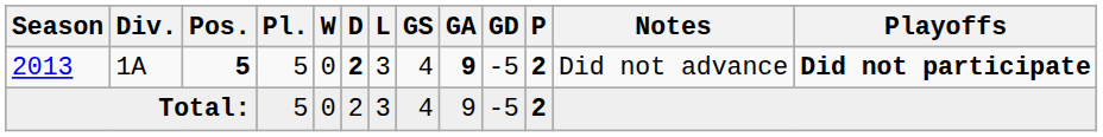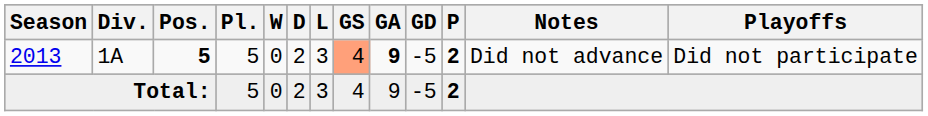 <table class="wikitable">
 <tr style="background:#efefef;">
 <th>Season</th>
 <th>Div.</th>
 <th>Pos.</th>
 <th>Pl.</th>
 <th>W</th>
 <th>D</th>
 <th>L</th>
 <th>GS</th>
 <th>GA</th>
 <th>GD</th>
 <th>P</th>
 <th>Notes</th>
 <th>Playoffs</th>
 </tr>
 <tr>
 <td><a href='#'>2013</a></td>
 <td>1A</td>
 <td align=right><strong>5</strong></td>
 <td align=right>5</td>
 <td align=right>0</td>
-<td align=right><strong>2</strong></td>
+<td align=right>2</td>
 <td align=right>3</td>
-<td align=right>4</td>
+<td align=right style="background: lightsalmon;">4</td>
 <td align=right><strong>9</strong></td>
 <td align=right>-5</td>
 <td align=right><strong>2</strong></td>
 <td>Did not advance</td>
-<td><strong>Did not participate</strong></td>
+<td>Did not participate</td>
 </tr>
 <tr style="background:#efefef">
 <td align=right colspan=3><strong>Total:</strong></td>
 <td align=right>5</td>
 <td align=right>0</td>
 <td align=right>2</td>
 <td align=right>3</td>
 <td align=right>4</td>
 <td align=right>9</td>
 <td align=right>-5</td>
 <td align=right><strong>2</strong></td>
 <td colspan=3 bgcolor=#efefef></td>
 </tr>
 </table>
